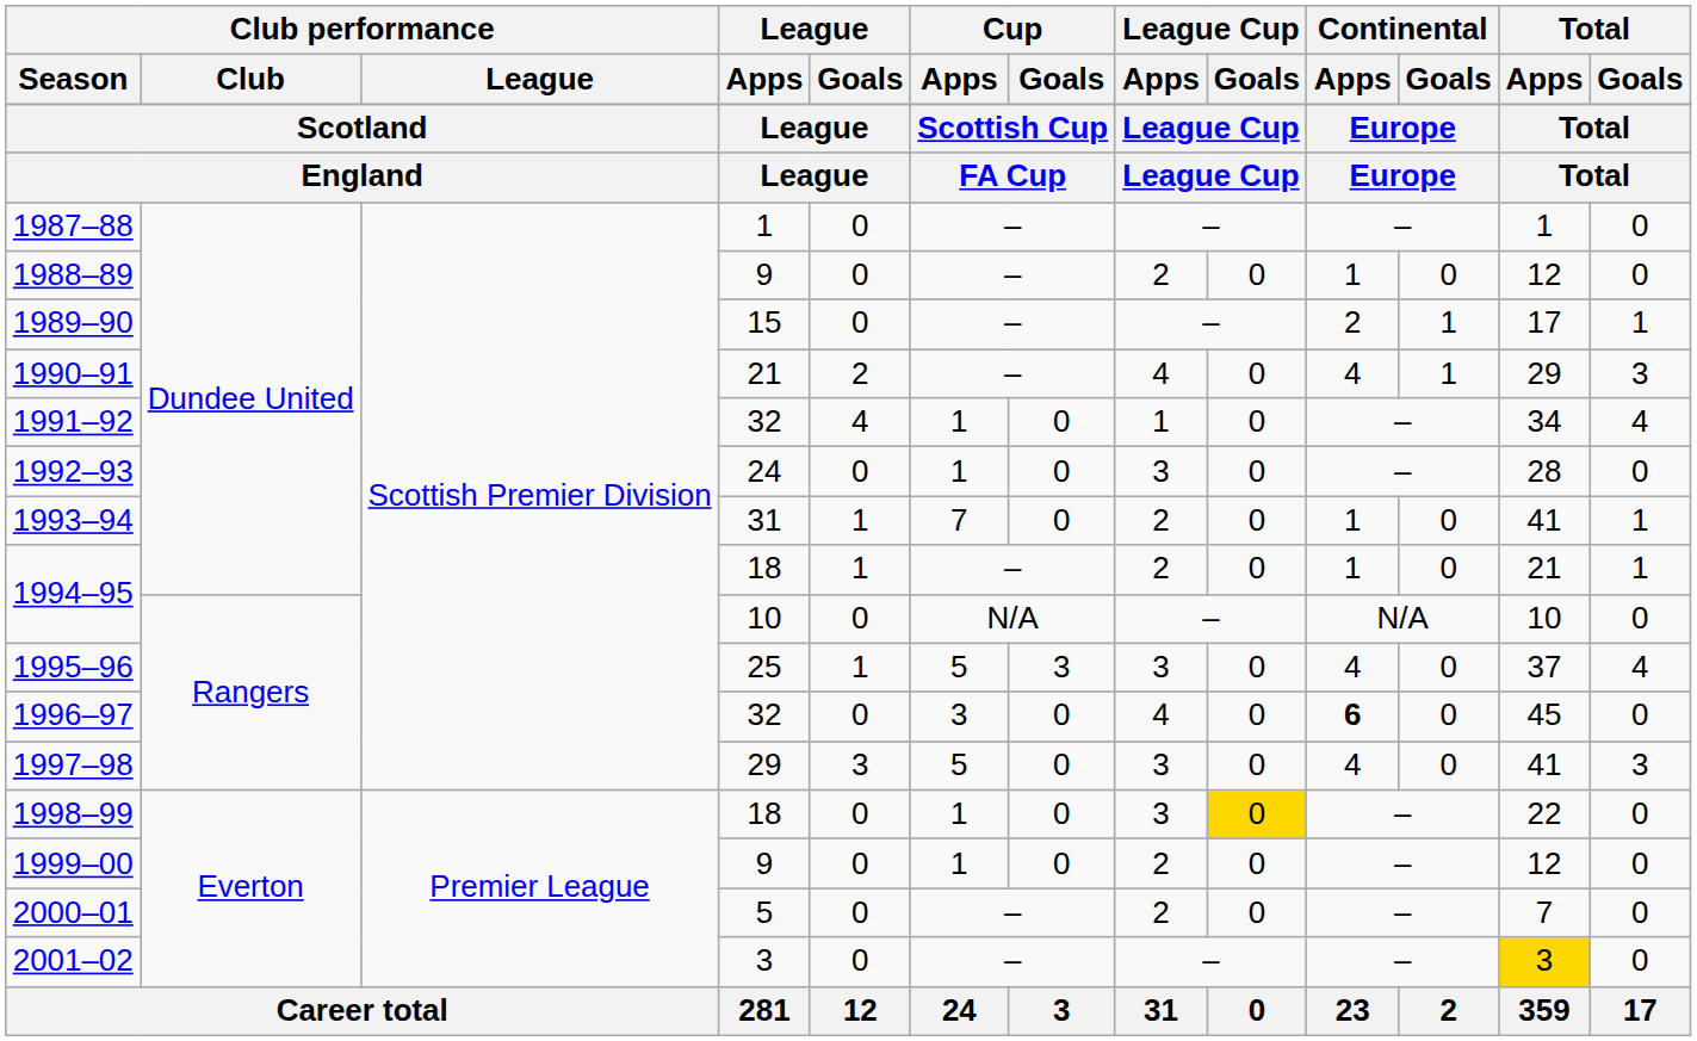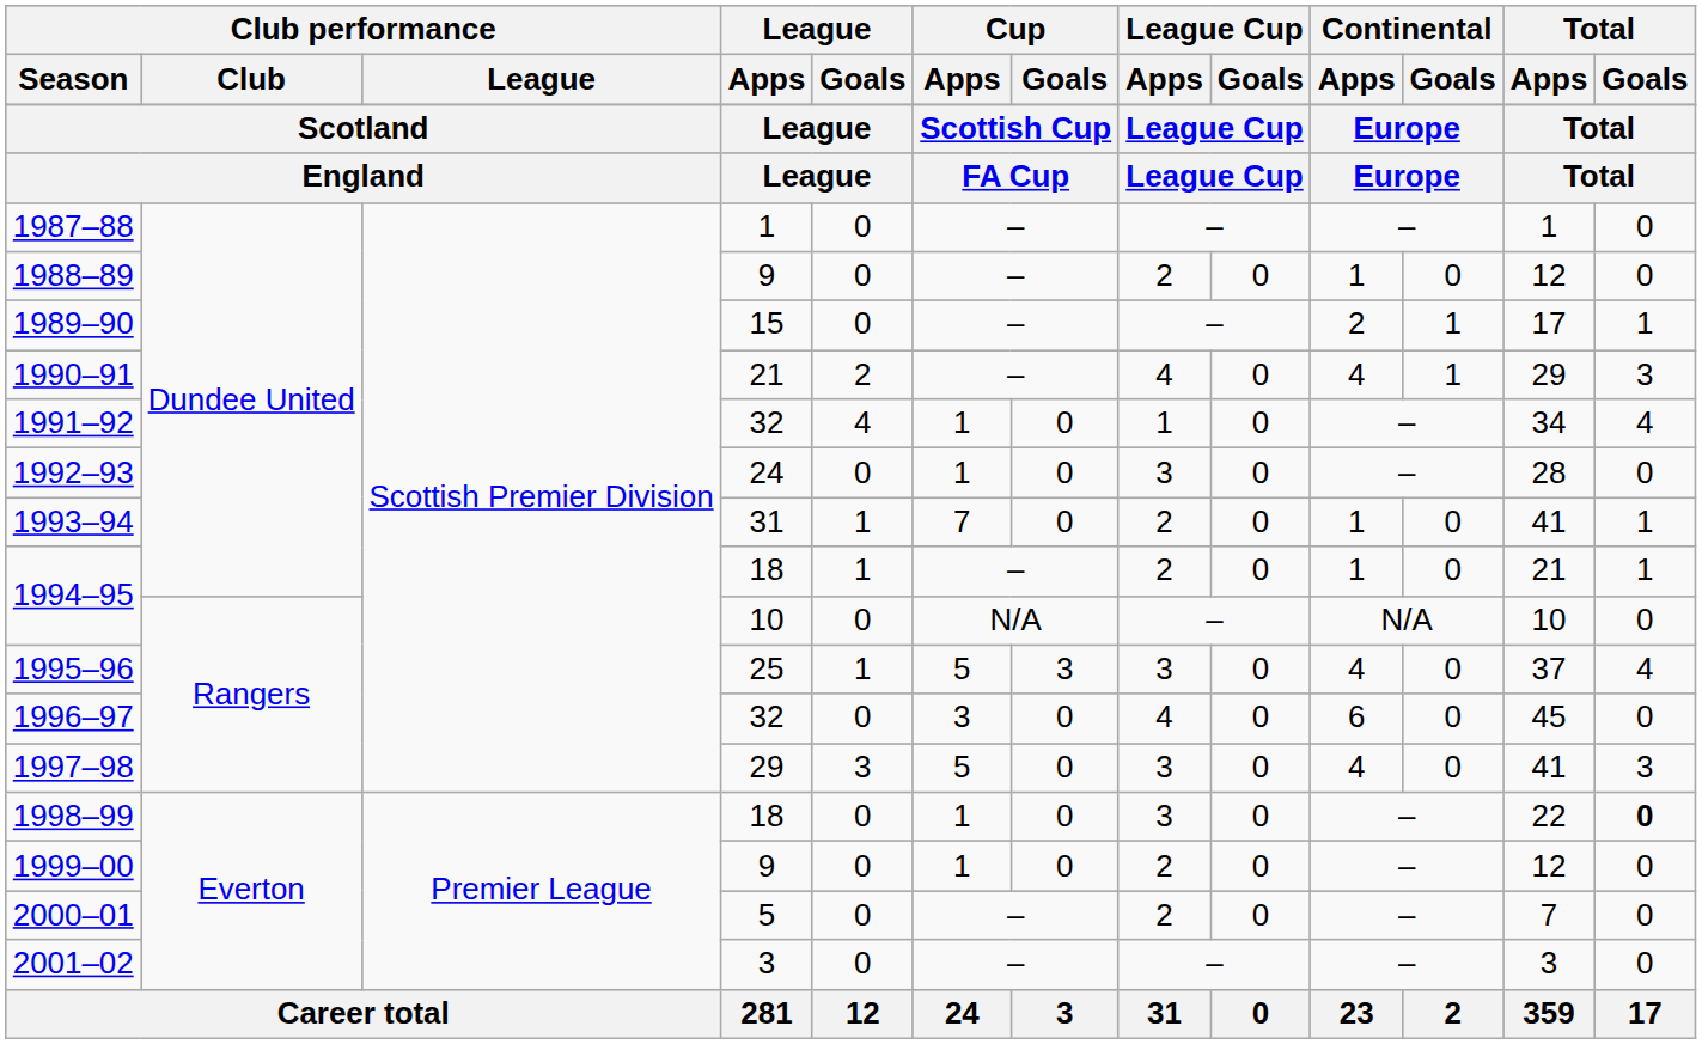 <table class="wikitable" style="text-align:center">
 <tr>
 <th colspan=3>Club performance</th>
 <th colspan=2>League</th>
 <th colspan=2>Cup</th>
 <th colspan=2>League Cup</th>
 <th colspan=2>Continental</th>
 <th colspan=2>Total</th>
 </tr>
 <tr>
 <th>Season</th>
 <th>Club</th>
 <th>League</th>
 <th>Apps</th>
 <th>Goals</th>
 <th>Apps</th>
 <th>Goals</th>
 <th>Apps</th>
 <th>Goals</th>
 <th>Apps</th>
 <th>Goals</th>
 <th>Apps</th>
 <th>Goals</th>
 </tr>
 <tr>
 </tr>
 <tr>
 <th colspan=3>Scotland</th>
 <th colspan=2>League</th>
 <th colspan=2><a href='#'>Scottish Cup</a></th>
 <th colspan=2><a href='#'>League Cup</a></th>
 <th colspan=2><a href='#'>Europe</a></th>
 <th colspan=2>Total</th>
 </tr>
 <tr>
 <th colspan=3>England</th>
 <th colspan=2>League</th>
 <th colspan=2><a href='#'>FA Cup</a></th>
 <th colspan=2><a href='#'>League Cup</a></th>
 <th colspan=2><a href='#'>Europe</a></th>
 <th colspan=2>Total</th>
 </tr>
 <tr>
 <td><a href='#'>1987–88</a></td>
 <td rowspan="8"><a href='#'>Dundee United</a></td>
 <td rowspan="12"><a href='#'>Scottish Premier Division</a></td>
 <td>1</td>
 <td>0</td>
 <td colspan="2">–</td>
 <td colspan="2">–</td>
 <td colspan="2">–</td>
 <td>1</td>
 <td>0</td>
 </tr>
 <tr>
 <td><a href='#'>1988–89</a></td>
 <td>9</td>
 <td>0</td>
 <td colspan="2">–</td>
 <td>2</td>
 <td>0</td>
 <td>1</td>
 <td>0</td>
 <td>12</td>
 <td>0</td>
 </tr>
 <tr>
 <td><a href='#'>1989–90</a></td>
 <td>15</td>
 <td>0</td>
 <td colspan="2">–</td>
 <td colspan="2">–</td>
 <td>2</td>
 <td>1</td>
 <td>17</td>
 <td>1</td>
 </tr>
 <tr>
 <td><a href='#'>1990–91</a></td>
 <td>21</td>
 <td>2</td>
 <td colspan="2">–</td>
 <td>4</td>
 <td>0</td>
 <td>4</td>
 <td>1</td>
 <td>29</td>
 <td>3</td>
 </tr>
 <tr>
 <td><a href='#'>1991–92</a></td>
 <td>32</td>
 <td>4</td>
 <td>1</td>
 <td>0</td>
 <td>1</td>
 <td>0</td>
 <td colspan="2">–</td>
 <td>34</td>
 <td>4</td>
 </tr>
 <tr>
 <td><a href='#'>1992–93</a></td>
 <td>24</td>
 <td>0</td>
 <td>1</td>
 <td>0</td>
 <td>3</td>
 <td>0</td>
 <td colspan="2">–</td>
 <td>28</td>
 <td>0</td>
 </tr>
 <tr>
 <td><a href='#'>1993–94</a></td>
 <td>31</td>
 <td>1</td>
 <td>7</td>
 <td>0</td>
 <td>2</td>
 <td>0</td>
 <td>1</td>
 <td>0</td>
 <td>41</td>
 <td>1</td>
 </tr>
 <tr>
 <td rowspan="2"><a href='#'>1994–95</a></td>
 <td>18</td>
 <td>1</td>
 <td colspan="2">–</td>
 <td>2</td>
 <td>0</td>
 <td>1</td>
 <td>0</td>
 <td>21</td>
 <td>1</td>
 </tr>
 <tr>
 <td rowspan="4"><a href='#'>Rangers</a></td>
 <td>10</td>
 <td>0</td>
 <td colspan="2">N/A</td>
 <td colspan="2">–</td>
 <td colspan="2">N/A</td>
 <td>10</td>
 <td>0</td>
 </tr>
 <tr>
 <td><a href='#'>1995–96</a></td>
 <td>25</td>
 <td>1</td>
 <td>5</td>
 <td>3</td>
 <td>3</td>
 <td>0</td>
 <td>4</td>
 <td>0</td>
 <td>37</td>
 <td>4</td>
 </tr>
 <tr>
 <td><a href='#'>1996–97</a></td>
 <td>32</td>
 <td>0</td>
 <td>3</td>
 <td>0</td>
 <td>4</td>
 <td>0</td>
-<td><strong>6</strong></td>
+<td>6</td>
 <td>0</td>
 <td>45</td>
 <td>0</td>
 </tr>
 <tr>
 <td><a href='#'>1997–98</a></td>
 <td>29</td>
 <td>3</td>
 <td>5</td>
 <td>0</td>
 <td>3</td>
 <td>0</td>
 <td>4</td>
 <td>0</td>
 <td>41</td>
 <td>3</td>
 </tr>
 <tr>
 <td><a href='#'>1998–99</a></td>
 <td rowspan="4"><a href='#'>Everton</a></td>
 <td rowspan="4"><a href='#'>Premier League</a></td>
 <td>18</td>
 <td>0</td>
 <td>1</td>
 <td>0</td>
 <td>3</td>
-<td style="background: gold;">0</td>
+<td>0</td>
 <td colspan="2">–</td>
 <td>22</td>
-<td>0</td>
+<td><strong>0</strong></td>
 </tr>
 <tr>
 <td><a href='#'>1999–00</a></td>
 <td>9</td>
 <td>0</td>
 <td>1</td>
 <td>0</td>
 <td>2</td>
 <td>0</td>
 <td colspan="2">–</td>
 <td>12</td>
 <td>0</td>
 </tr>
 <tr>
 <td><a href='#'>2000–01</a></td>
 <td>5</td>
 <td>0</td>
 <td colspan="2">–</td>
 <td>2</td>
 <td>0</td>
 <td colspan="2">–</td>
 <td>7</td>
 <td>0</td>
 </tr>
 <tr>
 <td><a href='#'>2001–02</a></td>
 <td>3</td>
 <td>0</td>
 <td colspan="2">–</td>
 <td colspan="2">–</td>
 <td colspan="2">–</td>
-<td style="background: gold;">3</td>
+<td>3</td>
 <td>0</td>
 </tr>
 <tr>
 <th colspan=3>Career total</th>
 <th><strong>281</strong></th>
 <th><strong>12</strong></th>
 <th><strong>24</strong></th>
 <th><strong>3</strong></th>
 <th><strong>31</strong></th>
 <th><strong>0</strong></th>
 <th><strong>23</strong></th>
 <th><strong>2</strong></th>
 <th><strong>359</strong></th>
 <th><strong>17</strong></th>
 </tr>
 </table>
